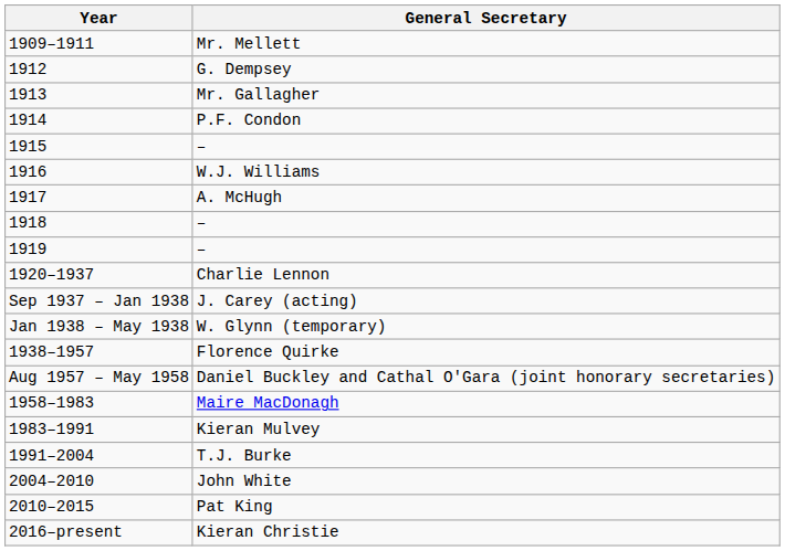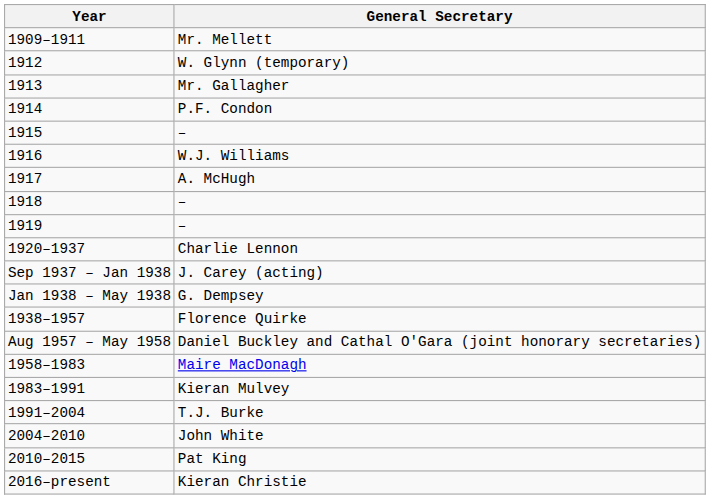 <table class="wikitable">
 <tr>
 <th>Year</th>
 <th>General Secretary</th>
 </tr>
 <tr>
 <td>1909–1911</td>
 <td>Mr. Mellett</td>
 </tr>
 <tr>
 <td>1912</td>
-<td>G. Dempsey</td>
+<td>W. Glynn (temporary)</td>
 </tr>
 <tr>
 <td>1913</td>
 <td>Mr. Gallagher</td>
 </tr>
 <tr>
 <td>1914</td>
 <td>P.F. Condon</td>
 </tr>
 <tr>
 <td>1915</td>
 <td>–</td>
 </tr>
 <tr>
 <td>1916</td>
 <td>W.J. Williams</td>
 </tr>
 <tr>
 <td>1917</td>
 <td>A. McHugh</td>
 </tr>
 <tr>
 <td>1918</td>
 <td>–</td>
 </tr>
 <tr>
 <td>1919</td>
 <td>–</td>
 </tr>
 <tr>
 <td>1920–1937</td>
 <td>Charlie Lennon</td>
 </tr>
 <tr>
 <td>Sep 1937 – Jan 1938</td>
 <td>J. Carey (acting)</td>
 </tr>
 <tr>
 <td>Jan 1938 – May 1938</td>
-<td>W. Glynn (temporary)</td>
+<td>G. Dempsey</td>
 </tr>
 <tr>
 <td>1938–1957</td>
 <td>Florence Quirke</td>
 </tr>
 <tr>
 <td>Aug 1957 – May 1958</td>
 <td>Daniel Buckley and Cathal O'Gara (joint honorary secretaries)</td>
 </tr>
 <tr>
 <td>1958–1983</td>
 <td><a href='#'>Maire MacDonagh</a></td>
 </tr>
 <tr>
 <td>1983–1991</td>
 <td>Kieran Mulvey</td>
 </tr>
 <tr>
 <td>1991–2004</td>
 <td>T.J. Burke</td>
 </tr>
 <tr>
 <td>2004–2010</td>
 <td>John White</td>
 </tr>
 <tr>
 <td>2010–2015</td>
 <td>Pat King</td>
 </tr>
 <tr>
 <td>2016–present</td>
 <td>Kieran Christie</td>
 </tr>
 </table>
